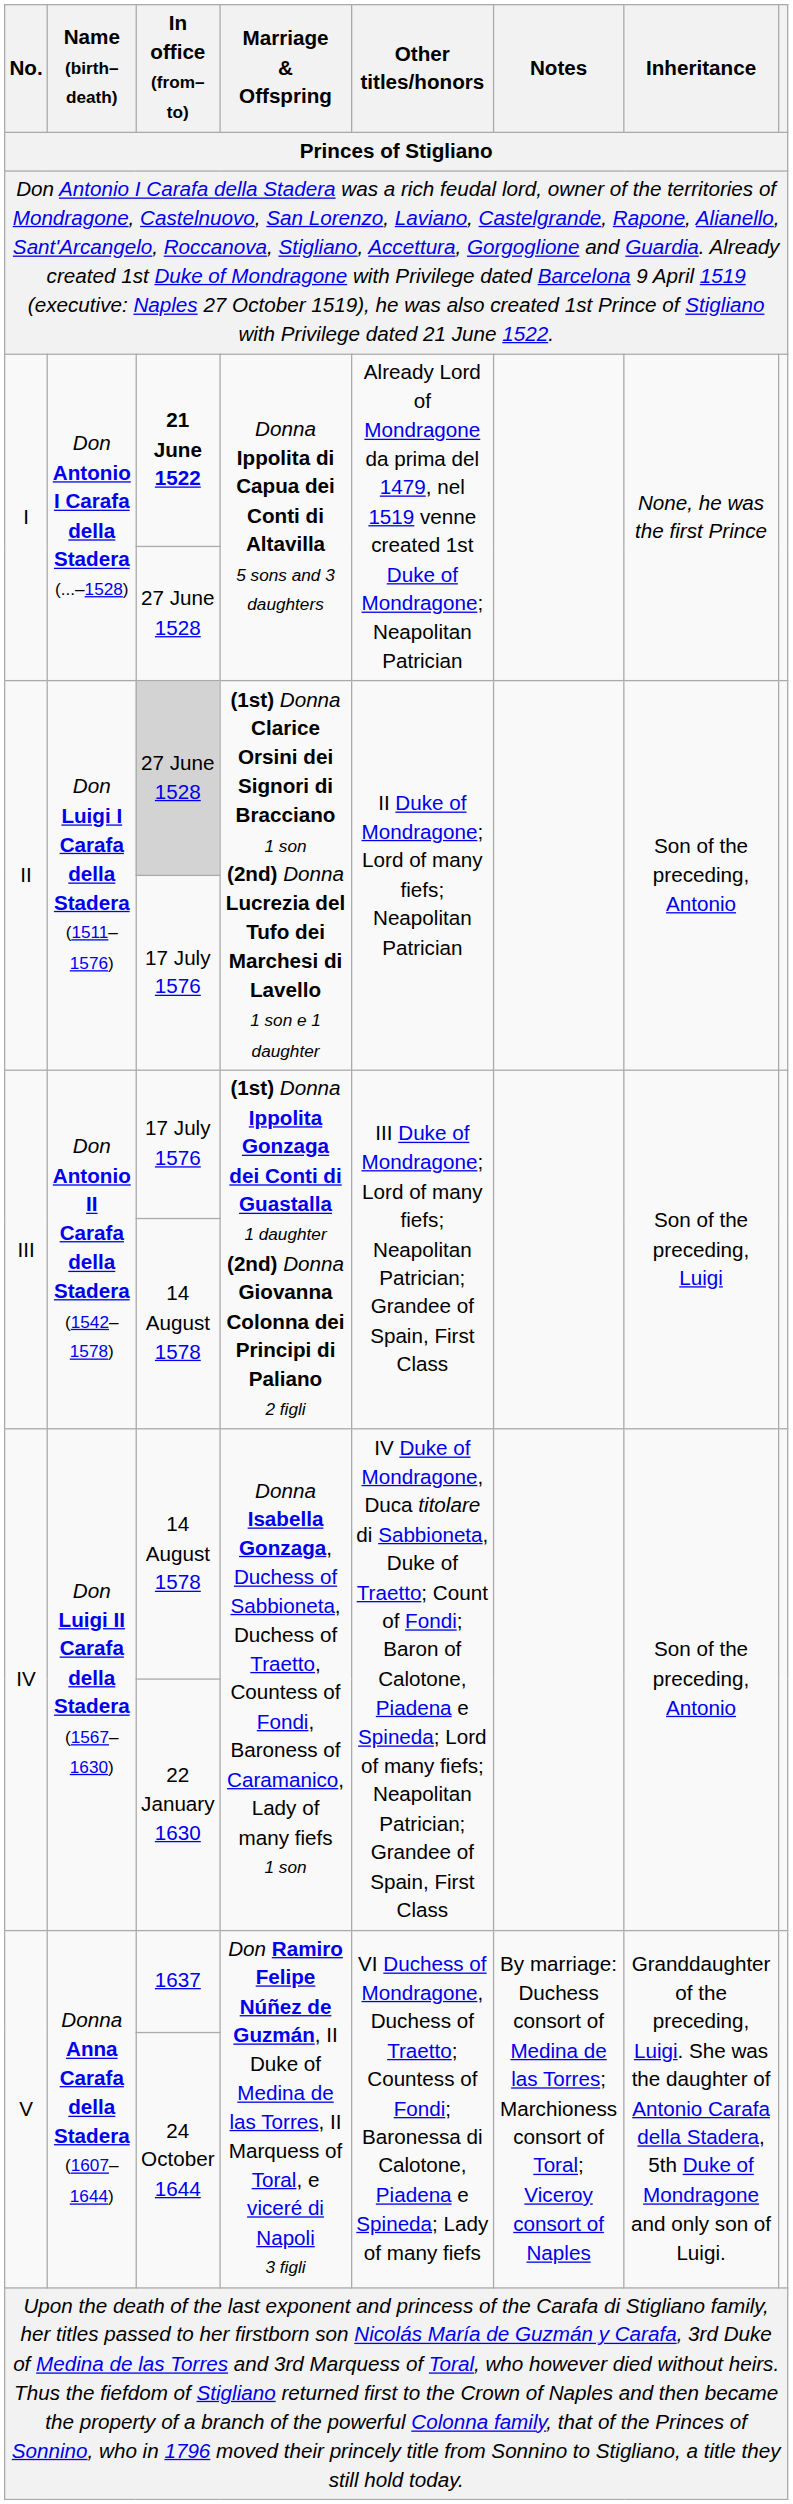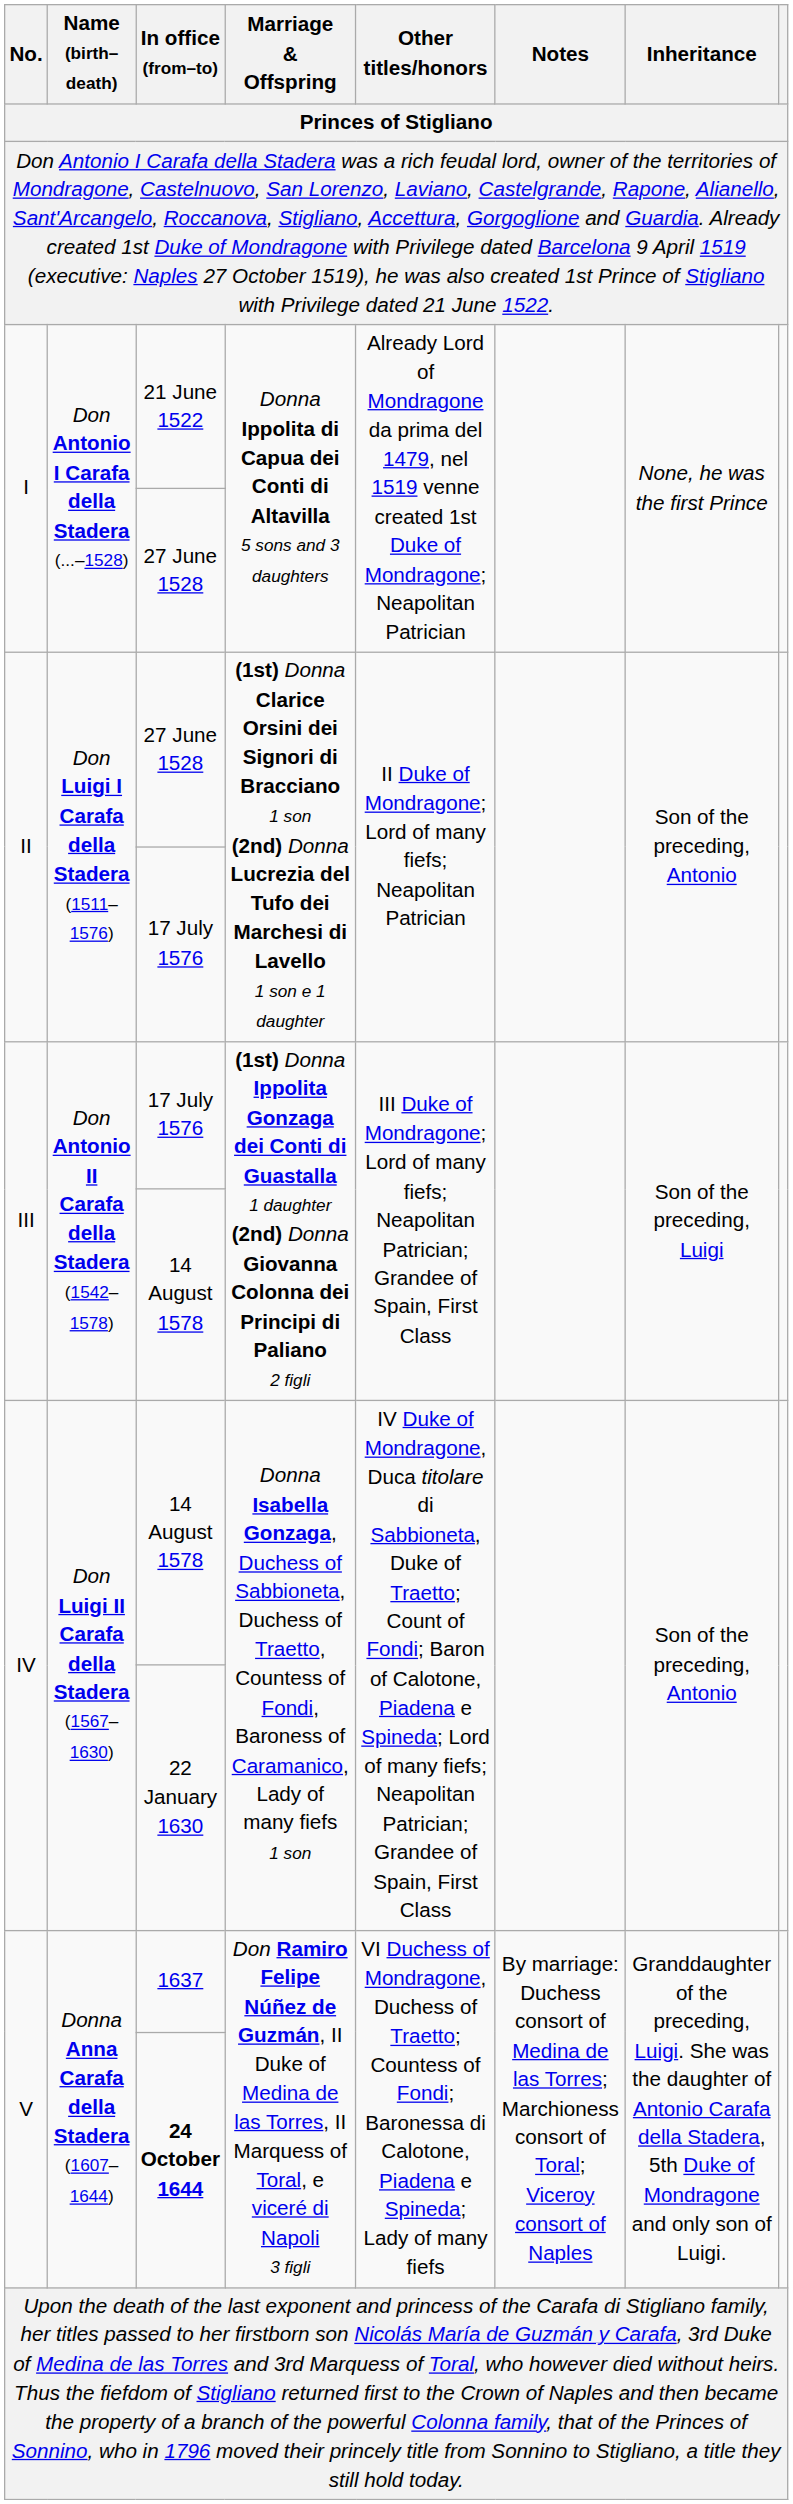 <table class="wikitable" style="line-height:1.4em; text-align:center">
 <tr>
 <th>No.</th>
 <th>Name<br><small>(birth–death)</small></th>
 <th>In office<br><small>(from–to)</small></th>
 <th>Marriage<br>&<br>Offspring</th>
 <th>Other titles/honors</th>
 <th>Notes</th>
 <th>Inheritance</th>
 <th></th>
 </tr>
 <tr>
 <th class=noprint colspan=8 style="font-weight:normal" style="background:#FFD700"><strong>Princes of Stigliano</strong></th>
 </tr>
 <tr>
 <th class=noprint colspan=9 style="font-weight:normal"><em>Don <a href='#'>Antonio I Carafa della Stadera</a> was a rich feudal lord, owner of the territories of <a href='#'>Mondragone</a>, <a href='#'>Castelnuovo</a>, <a href='#'>San Lorenzo</a>, <a href='#'>Laviano</a>, <a href='#'>Castelgrande</a>, <a href='#'>Rapone</a>, <a href='#'>Alianello</a>, <a href='#'>Sant'Arcangelo</a>, <a href='#'>Roccanova</a>, <a href='#'>Stigliano</a>, <a href='#'>Accettura</a>, <a href='#'>Gorgoglione</a> and <a href='#'>Guardia</a>. Already created 1st <a href='#'>Duke of Mondragone</a> with Privilege dated <a href='#'>Barcelona</a> 9 April <a href='#'>1519</a> (executive: <a href='#'>Naples</a> 27 October 1519), he was also created 1st Prince of <a href='#'>Stigliano</a> with Privilege dated 21 June <a href='#'>1522</a>.</em></th>
 </tr>
 <tr>
 <td rowspan=2>I</td>
 <td rowspan=2><em>Don</em> <strong><a href='#'>Antonio I Carafa della Stadera</a></strong><br><small>(...–<a href='#'>1528</a>)</small></td>
-<td><strong>21 June <a href='#'>1522</a></strong></td>
+<td>21 June <a href='#'>1522</a></td>
 <td rowspan=2><em>Donna</em> <strong>Ippolita di Capua dei Conti di Altavilla</strong><br><small><em>5 sons and 3 daughters</em></small></td>
 <td rowspan=2>Already Lord of <a href='#'>Mondragone</a> da prima del <a href='#'>1479</a>, nel <a href='#'>1519</a> venne created 1st <a href='#'>Duke of Mondragone</a>; Neapolitan Patrician</td>
 <td rowspan=2></td>
 <td rowspan=2><em>None, he was the first Prince</em></td>
 <td rowspan=2></td>
 </tr>
 <tr>
 <td>27 June <a href='#'>1528</a></td>
 </tr>
 <tr>
 <td rowspan=2>II</td>
 <td rowspan=2><em>Don</em> <strong><a href='#'>Luigi I Carafa della Stadera</a></strong><br><small>(<a href='#'>1511</a>–<a href='#'>1576</a>)</small></td>
-<td style="background: lightgrey;">27 June <a href='#'>1528</a></td>
+<td>27 June <a href='#'>1528</a></td>
 <td rowspan=2><strong>(1st)</strong> <em>Donna</em> <strong>Clarice Orsini dei Signori di Bracciano</strong><br><small><em>1 son</em></small><br><strong>(2nd)</strong> <em>Donna</em> <strong>Lucrezia del Tufo dei Marchesi di Lavello</strong><br><small><em>1 son e 1 daughter</em></small></td>
 <td rowspan=2>II <a href='#'>Duke of Mondragone</a>; Lord of many fiefs; Neapolitan Patrician</td>
 <td rowspan=2></td>
 <td rowspan=2>Son of the preceding, <a href='#'>Antonio</a></td>
 <td rowspan=2></td>
 </tr>
 <tr>
 <td>17 July <a href='#'>1576</a></td>
 </tr>
 <tr>
 <td rowspan=2>III</td>
 <td rowspan=2><em>Don</em> <strong><a href='#'>Antonio II Carafa della Stadera</a></strong><br><small>(<a href='#'>1542</a>–<a href='#'>1578</a>)</small></td>
 <td>17 July <a href='#'>1576</a></td>
 <td rowspan=2><strong>(1st)</strong> <em>Donna</em> <strong><a href='#'>Ippolita Gonzaga dei Conti di Guastalla</a></strong><br><small><em>1 daughter</em></small><br><strong>(2nd)</strong> <em>Donna</em> <strong>Giovanna Colonna dei Principi di Paliano</strong><br><small><em>2 figli</em></small></td>
 <td rowspan=2>III <a href='#'>Duke of Mondragone</a>; Lord of many fiefs; Neapolitan Patrician; Grandee of Spain, First Class</td>
 <td rowspan=2></td>
 <td rowspan=2>Son of the preceding, <a href='#'>Luigi</a></td>
 <td rowspan=2></td>
 </tr>
 <tr>
 <td>14 August <a href='#'>1578</a></td>
 </tr>
 <tr>
 <td rowspan=2>IV</td>
 <td rowspan=2><em>Don</em> <strong><a href='#'>Luigi II Carafa della Stadera</a></strong><br><small>(<a href='#'>1567</a>–<a href='#'>1630</a>)</small></td>
 <td>14 August <a href='#'>1578</a></td>
 <td rowspan=2><em>Donna</em> <strong><a href='#'>Isabella Gonzaga</a></strong>, <a href='#'>Duchess of Sabbioneta</a>, Duchess of <a href='#'>Traetto</a>, Countess of <a href='#'>Fondi</a>, Baroness of <a href='#'>Caramanico</a>, Lady of many fiefs<br><small><em>1 son</em></small></td>
 <td rowspan=2>IV <a href='#'>Duke of Mondragone</a>, Duca <em>titolare</em> di <a href='#'>Sabbioneta</a>, Duke of <a href='#'>Traetto</a>; Count of <a href='#'>Fondi</a>; Baron of Calotone, <a href='#'>Piadena</a> e <a href='#'>Spineda</a>; Lord of many fiefs; Neapolitan Patrician; Grandee of Spain, First Class</td>
 <td rowspan=2></td>
 <td rowspan=2>Son of the preceding, <a href='#'>Antonio</a></td>
 <td rowspan=2></td>
 </tr>
 <tr>
 <td>22 January <a href='#'>1630</a></td>
 </tr>
 <tr>
 <td rowspan=2>V</td>
 <td rowspan=2><em>Donna</em> <strong><a href='#'>Anna Carafa della Stadera</a></strong><br><small>(<a href='#'>1607</a>–<a href='#'>1644</a>)</small></td>
 <td><a href='#'>1637</a></td>
 <td rowspan=2><em>Don</em> <strong><a href='#'>Ramiro Felipe Núñez de Guzmán</a></strong>, II Duke of <a href='#'>Medina de las Torres</a>, II Marquess of <a href='#'>Toral</a>, e <a href='#'>viceré di Napoli</a><br><small><em>3 figli</em></small></td>
 <td rowspan=2>VI <a href='#'>Duchess of Mondragone</a>, Duchess of <a href='#'>Traetto</a>; Countess of <a href='#'>Fondi</a>; Baronessa di Calotone, <a href='#'>Piadena</a> e <a href='#'>Spineda</a>; Lady of many fiefs</td>
 <td rowspan=2>By marriage: Duchess consort of <a href='#'>Medina de las Torres</a>; Marchioness consort of <a href='#'>Toral</a>; <a href='#'>Viceroy consort of Naples</a></td>
 <td rowspan=2>Granddaughter of the preceding, <a href='#'>Luigi</a>. She was the daughter of <a href='#'>Antonio Carafa della Stadera</a>, 5th <a href='#'>Duke of Mondragone</a> and only son of Luigi.</td>
 <td rowspan=2></td>
 </tr>
 <tr>
-<td>24 October <a href='#'>1644</a></td>
+<td><strong>24 October <a href='#'>1644</a></strong></td>
 </tr>
 <tr>
 <th class=noprint colspan=9 style="font-weight:normal"><em>Upon the death of the last exponent and princess of the Carafa di Stigliano family, her titles passed to her firstborn son <a href='#'>Nicolás María de Guzmán y Carafa</a>, 3rd Duke of <a href='#'>Medina de las Torres</a> and 3rd Marquess of <a href='#'>Toral</a>, who however died without heirs. Thus the fiefdom of <a href='#'>Stigliano</a> returned first to the Crown of Naples and then became the property of a branch of the powerful <a href='#'>Colonna family</a>, that of the Princes of <a href='#'>Sonnino</a>, who in <a href='#'>1796</a> moved their princely title from Sonnino to Stigliano, a title they still hold today.</em></th>
 </tr>
 </table>
